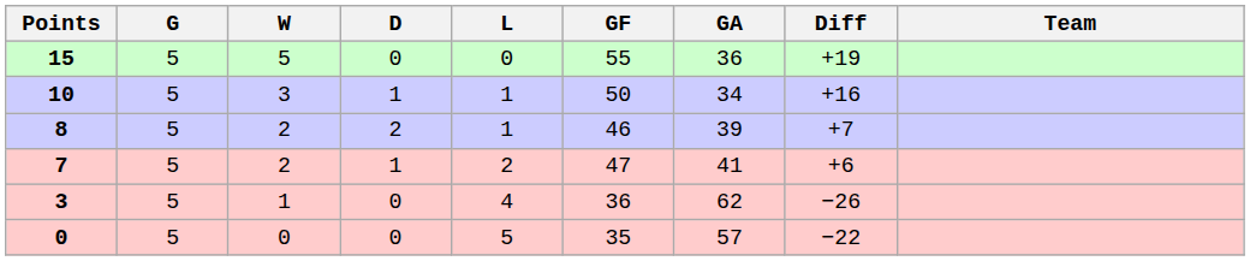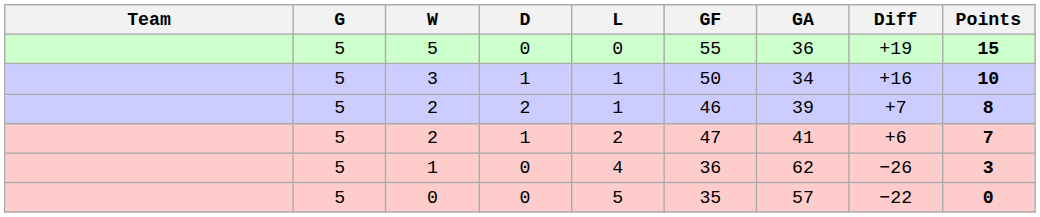 <table class=wikitable style="text-align:center">
 <tr bgcolor="#dcdcdc">
-<th width="60">Points</th>
+<th width="200">Team</th>
 <th width="60">G</th>
 <th width="60">W</th>
 <th width="60">D</th>
 <th width="60">L</th>
 <th width="60">GF</th>
 <th width="60">GA</th>
 <th width="60">Diff</th>
-<th width="200">Team</th>
+<th width="60">Points</th>
 </tr>
 <tr bgcolor=ccffcc>
-<td><strong>15</strong></td>
+<td align=left></td>
 <td>5</td>
 <td>5</td>
 <td>0</td>
 <td>0</td>
 <td>55</td>
 <td>36</td>
 <td>+19</td>
-<td align=left></td>
+<td><strong>15</strong></td>
 </tr>
 <tr bgcolor=ccccff>
-<td><strong>10</strong></td>
+<td align=left></td>
 <td>5</td>
 <td>3</td>
 <td>1</td>
 <td>1</td>
 <td>50</td>
 <td>34</td>
 <td>+16</td>
-<td align=left></td>
+<td><strong>10</strong></td>
 </tr>
 <tr bgcolor=ccccff>
-<td><strong>8</strong></td>
+<td align=left></td>
 <td>5</td>
 <td>2</td>
 <td>2</td>
 <td>1</td>
 <td>46</td>
 <td>39</td>
 <td>+7</td>
-<td align=left></td>
+<td><strong>8</strong></td>
 </tr>
 <tr bgcolor=ffcccc>
-<td><strong>7</strong></td>
+<td align=left></td>
 <td>5</td>
 <td>2</td>
 <td>1</td>
 <td>2</td>
 <td>47</td>
 <td>41</td>
 <td>+6</td>
-<td align=left></td>
+<td><strong>7</strong></td>
 </tr>
 <tr bgcolor=ffcccc>
-<td><strong>3</strong></td>
+<td align=left></td>
 <td>5</td>
 <td>1</td>
 <td>0</td>
 <td>4</td>
 <td>36</td>
 <td>62</td>
 <td>−26</td>
-<td align=left></td>
+<td><strong>3</strong></td>
 </tr>
 <tr bgcolor=ffcccc>
-<td><strong>0</strong></td>
+<td align=left></td>
 <td>5</td>
 <td>0</td>
 <td>0</td>
 <td>5</td>
 <td>35</td>
 <td>57</td>
 <td>−22</td>
-<td align=left></td>
+<td><strong>0</strong></td>
 </tr>
 </table>
